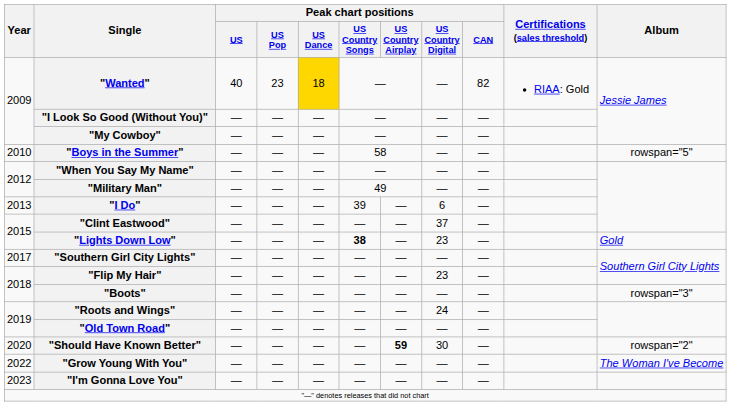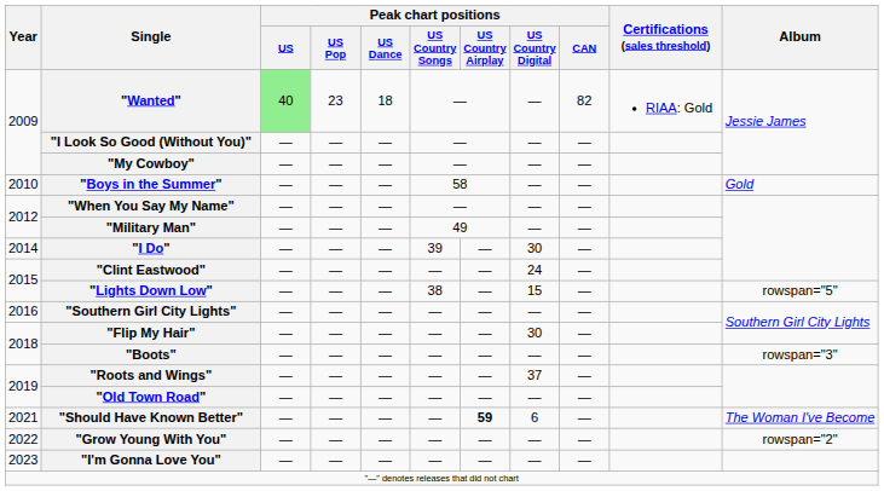 <table class="wikitable plainrowheaders" style="text-align:center;">
 <tr>
 <th rowspan="2">Year</th>
 <th rowspan="2" style="width:16em;">Single</th>
 <th colspan="7">Peak chart positions</th>
 <th rowspan="2" style="width:8em;"><a href='#'>Certifications</a><br><small>(<a href='#'>sales threshold</a>)</small></th>
 <th rowspan="2">Album</th>
 </tr>
 <tr style="font-size:smaller;">
 <th style="width:4em;"><a href='#'>US</a><br></th>
 <th style="width:4em;"><a href='#'>US<br>Pop</a><br></th>
 <th style="width:4em;"><a href='#'>US Dance</a><br></th>
 <th style="width:4em;"><a href='#'>US Country Songs</a><br></th>
 <th style="width:4em;"><a href='#'>US Country Airplay</a><br></th>
 <th style="width:4em;"><a href='#'>US Country Digital</a><br></th>
 <th style="width:4em;"><a href='#'>CAN</a><br></th>
 </tr>
 <tr>
 <td rowspan="3">2009</td>
 <th scope="row">"<a href='#'>Wanted</a>"</th>
-<td>40</td>
+<td style="background: lightgreen;">40</td>
 <td>23</td>
-<td style="background: gold;">18</td>
+<td>18</td>
 <td colspan="2">—</td>
 <td>—</td>
 <td>82</td>
 <td style="text-align:left;"><br><ul><li><a href='#'>RIAA</a>: Gold</li></ul></td>
 <td style="text-align:left;" rowspan="3"><em><a href='#'>Jessie James</a></em></td>
 </tr>
 <tr>
 <th scope="row">"I Look So Good (Without You)"</th>
 <td>—</td>
 <td>—</td>
 <td>—</td>
 <td colspan="2">—</td>
 <td>—</td>
 <td>—</td>
 <td></td>
 </tr>
 <tr>
 <th scope="row">"My Cowboy"</th>
 <td>—</td>
 <td>—</td>
 <td>—</td>
 <td colspan="2">—</td>
 <td>—</td>
 <td>—</td>
 <td></td>
 </tr>
 <tr>
 <td>2010</td>
 <th scope="row">"<a href='#'>Boys in the Summer</a>"</th>
 <td>—</td>
 <td>—</td>
 <td>—</td>
 <td colspan="2">58</td>
 <td>—</td>
 <td>—</td>
 <td></td>
-<td>rowspan="5" </td>
+<td style="text-align:left;"><em><a href='#'>Gold</a></em></td>
 </tr>
 <tr>
 <td rowspan="2">2012</td>
 <th scope="row">"When You Say My Name"</th>
 <td>—</td>
 <td>—</td>
 <td>—</td>
 <td colspan="2">—</td>
 <td>—</td>
 <td>—</td>
 <td></td>
 </tr>
 <tr>
 <th scope="row">"Military Man"</th>
 <td>—</td>
 <td>—</td>
 <td>—</td>
 <td colspan="2">49</td>
 <td>—</td>
 <td>—</td>
 <td></td>
 </tr>
 <tr>
-<td>2013</td>
+<td>2014</td>
 <th scope="row">"<a href='#'>I Do</a>"</th>
 <td>—</td>
 <td>—</td>
 <td>—</td>
 <td>39</td>
 <td>—</td>
-<td>6</td>
+<td>30</td>
 <td>—</td>
 <td></td>
 </tr>
 <tr>
 <td rowspan="2">2015</td>
 <th scope="row">"Clint Eastwood"</th>
 <td>—</td>
 <td>—</td>
 <td>—</td>
 <td>—</td>
 <td>—</td>
-<td>37</td>
+<td>24</td>
 <td>—</td>
 <td></td>
 </tr>
 <tr>
 <th scope="row">"<a href='#'>Lights Down Low</a>"</th>
 <td>—</td>
 <td>—</td>
 <td>—</td>
-<td><strong>38</strong></td>
+<td>38</td>
 <td>—</td>
-<td>23</td>
+<td>15</td>
 <td>—</td>
 <td></td>
-<td style="text-align:left;"><em><a href='#'>Gold</a></em></td>
+<td>rowspan="5" </td>
 </tr>
 <tr>
-<td>2017</td>
+<td>2016</td>
 <th scope="row">"Southern Girl City Lights"</th>
 <td>—</td>
 <td>—</td>
 <td>—</td>
 <td>—</td>
 <td>—</td>
 <td>—</td>
 <td>—</td>
 <td></td>
 <td style="text-align:left;" rowspan="2"><em><a href='#'>Southern Girl City Lights</a></em></td>
 </tr>
 <tr>
 <td rowspan="2">2018</td>
 <th scope="row">"Flip My Hair"</th>
 <td>—</td>
 <td>—</td>
 <td>—</td>
 <td>—</td>
 <td>—</td>
-<td>23</td>
+<td>30</td>
 <td>—</td>
 </tr>
 <tr>
 <th scope="row">"Boots"</th>
 <td>—</td>
 <td>—</td>
 <td>—</td>
 <td>—</td>
 <td>—</td>
 <td>—</td>
 <td>—</td>
 <td></td>
 <td>rowspan="3" </td>
 </tr>
 <tr>
 <td rowspan="2">2019</td>
 <th scope="row">"Roots and Wings"</th>
 <td>—</td>
 <td>—</td>
 <td>—</td>
 <td>—</td>
 <td>—</td>
-<td>24</td>
+<td>37</td>
 <td>—</td>
 <td></td>
 </tr>
 <tr>
 <th scope="row">"<a href='#'>Old Town Road</a>"</th>
 <td>—</td>
 <td>—</td>
 <td>—</td>
 <td>—</td>
 <td>—</td>
 <td>—</td>
 <td>—</td>
 <td></td>
 </tr>
 <tr>
-<td>2020</td>
+<td>2021</td>
 <th scope="row">"Should Have Known Better"</th>
 <td>—</td>
 <td>—</td>
 <td>—</td>
 <td>—</td>
 <td><strong>59</strong></td>
-<td>30</td>
+<td>6</td>
 <td>—</td>
 <td></td>
-<td>rowspan="2" </td>
+<td><em><a href='#'>The Woman I've Become</a></em></td>
 </tr>
 <tr>
 <td>2022</td>
 <th scope="row">"Grow Young With You"</th>
 <td>—</td>
 <td>—</td>
 <td>—</td>
 <td>—</td>
 <td>—</td>
 <td>—</td>
 <td>—</td>
 <td></td>
-<td><em><a href='#'>The Woman I've Become</a></em></td>
+<td>rowspan="2" </td>
 </tr>
 <tr>
 <td>2023</td>
 <th scope="row">"I'm Gonna Love You"</th>
 <td>—</td>
 <td>—</td>
 <td>—</td>
 <td>—</td>
 <td>—</td>
 <td>—</td>
 <td>—</td>
 <td></td>
 </tr>
 <tr>
 <td colspan="11" style="font-size:8pt">"—" denotes releases that did not chart</td>
 </tr>
 </table>
